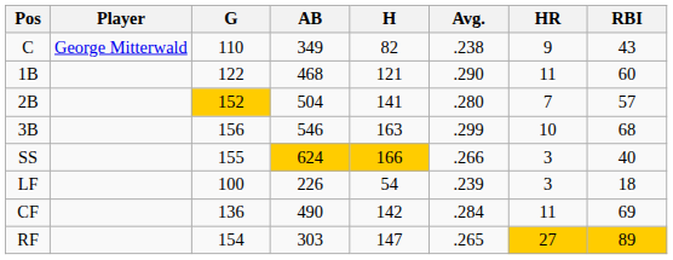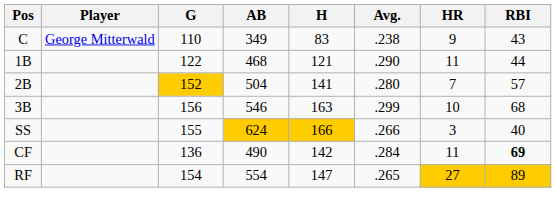 <table class="wikitable sortable">
 <tr>
 <th bgcolor="#DDDDFF" width="5%">Pos</th>
 <th bgcolor="#DDDDFF" width="16%">Player</th>
 <th bgcolor="#DDDDFF" width="9%">G</th>
 <th bgcolor="#DDDDFF" width="9%">AB</th>
 <th bgcolor="#DDDDFF" width="9%">H</th>
 <th bgcolor="#DDDDFF" width="9%">Avg.</th>
 <th bgcolor="#DDDDFF" width="9%">HR</th>
 <th bgcolor="#DDDDFF" width="9%">RBI</th>
 </tr>
 <tr align="center">
 <td>C</td>
 <td><a href='#'>George Mitterwald</a></td>
 <td>110</td>
 <td>349</td>
-<td>82</td>
+<td>83</td>
 <td>.238</td>
 <td>9</td>
 <td>43</td>
 </tr>
 <tr align="center">
 <td>1B</td>
 <td></td>
 <td>122</td>
 <td>468</td>
 <td>121</td>
 <td>.290</td>
 <td>11</td>
-<td>60</td>
+<td>44</td>
 </tr>
 <tr align="center">
 <td>2B</td>
 <td></td>
 <td style="background:#fc0;">152</td>
 <td>504</td>
 <td>141</td>
 <td>.280</td>
 <td>7</td>
 <td>57</td>
 </tr>
 <tr align="center">
 <td>3B</td>
 <td></td>
 <td>156</td>
 <td>546</td>
 <td>163</td>
 <td>.299</td>
 <td>10</td>
 <td>68</td>
 </tr>
 <tr align="center">
 <td>SS</td>
 <td></td>
 <td>155</td>
 <td style="background:#fc0;">624</td>
 <td style="background:#fc0;">166</td>
 <td>.266</td>
 <td>3</td>
 <td>40</td>
 </tr>
 <tr align="center">
-<td>LF</td>
-<td></td>
-<td>100</td>
-<td>226</td>
-<td>54</td>
-<td>.239</td>
-<td>3</td>
-<td>18</td>
-</tr>
-<tr align="center">
 <td>CF</td>
 <td></td>
 <td>136</td>
 <td>490</td>
 <td>142</td>
 <td>.284</td>
 <td>11</td>
-<td>69</td>
+<td><strong>69</strong></td>
 </tr>
 <tr align="center">
 <td>RF</td>
 <td></td>
 <td>154</td>
-<td>303</td>
+<td>554</td>
 <td>147</td>
 <td>.265</td>
 <td style="background:#fc0;">27</td>
 <td style="background:#fc0;">89</td>
 </tr>
 </table>
